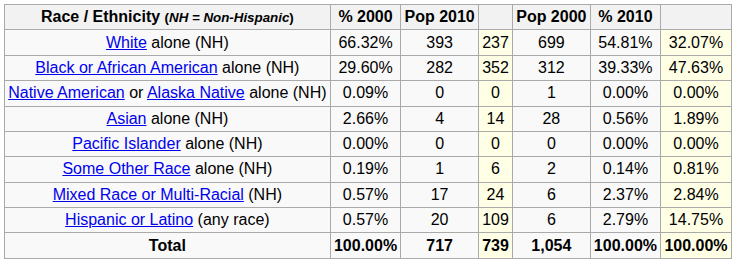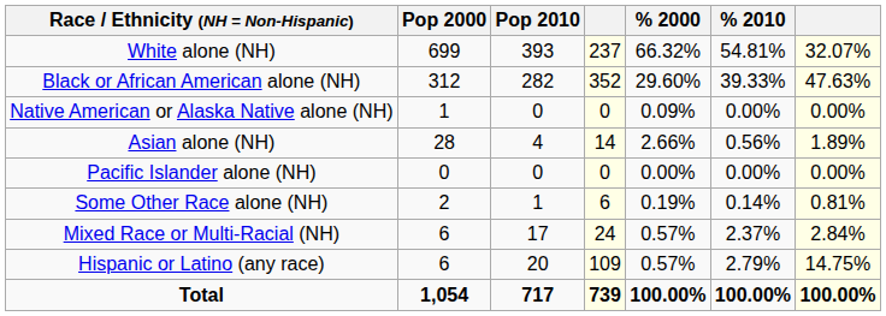 <table class="wikitable" style="text-align:center;">
 <tr>
 <th>Race / Ethnicity <small>(<em>NH = Non-Hispanic</em>)</small></th>
-<th>% 2000</th>
+<th>Pop 2000</th>
 <th>Pop 2010</th>
 <th></th>
-<th>Pop 2000</th>
+<th>% 2000</th>
 <th>% 2010</th>
 <th></th>
 </tr>
 <tr>
 <td><a href='#'>White</a> alone (NH)</td>
-<td>66.32%</td>
+<td>699</td>
 <td>393</td>
 <td style='background: #ffffe6;'>237</td>
-<td>699</td>
+<td>66.32%</td>
 <td>54.81%</td>
 <td style='background: #ffffe6;'>32.07%</td>
 </tr>
 <tr>
 <td><a href='#'>Black or African American</a> alone (NH)</td>
-<td>29.60%</td>
+<td>312</td>
 <td>282</td>
 <td style='background: #ffffe6;'>352</td>
-<td>312</td>
+<td>29.60%</td>
 <td>39.33%</td>
 <td style='background: #ffffe6;'>47.63%</td>
 </tr>
 <tr>
 <td><a href='#'>Native American</a> or <a href='#'>Alaska Native</a> alone (NH)</td>
-<td>0.09%</td>
+<td>1</td>
 <td>0</td>
 <td style='background: #ffffe6;'>0</td>
-<td>1</td>
+<td>0.09%</td>
 <td>0.00%</td>
 <td style='background: #ffffe6;'>0.00%</td>
 </tr>
 <tr>
 <td><a href='#'>Asian</a> alone (NH)</td>
-<td>2.66%</td>
+<td>28</td>
 <td>4</td>
 <td style='background: #ffffe6;'>14</td>
-<td>28</td>
+<td>2.66%</td>
 <td>0.56%</td>
 <td style='background: #ffffe6;'>1.89%</td>
 </tr>
 <tr>
 <td><a href='#'>Pacific Islander</a> alone (NH)</td>
-<td>0.00%</td>
+<td>0</td>
 <td>0</td>
 <td style='background: #ffffe6;'>0</td>
-<td>0</td>
+<td>0.00%</td>
 <td>0.00%</td>
 <td style='background: #ffffe6;'>0.00%</td>
 </tr>
 <tr>
 <td><a href='#'>Some Other Race</a> alone (NH)</td>
-<td>0.19%</td>
+<td>2</td>
 <td>1</td>
 <td style='background: #ffffe6;'>6</td>
-<td>2</td>
+<td>0.19%</td>
 <td>0.14%</td>
 <td style='background: #ffffe6;'>0.81%</td>
 </tr>
 <tr>
 <td><a href='#'>Mixed Race or Multi-Racial</a> (NH)</td>
-<td>0.57%</td>
+<td>6</td>
 <td>17</td>
 <td style='background: #ffffe6;'>24</td>
-<td>6</td>
+<td>0.57%</td>
 <td>2.37%</td>
 <td style='background: #ffffe6;'>2.84%</td>
 </tr>
 <tr>
 <td><a href='#'>Hispanic or Latino</a> (any race)</td>
-<td>0.57%</td>
+<td>6</td>
 <td>20</td>
 <td style='background: #ffffe6;'>109</td>
-<td>6</td>
+<td>0.57%</td>
 <td>2.79%</td>
 <td style='background: #ffffe6;'>14.75%</td>
 </tr>
 <tr>
 <td><strong>Total</strong></td>
-<td><strong>100.00%</strong></td>
+<td><strong>1,054</strong></td>
 <td><strong>717</strong></td>
 <td style='background: #ffffe6;'><strong>739</strong></td>
-<td><strong>1,054</strong></td>
+<td><strong>100.00%</strong></td>
 <td><strong>100.00%</strong></td>
 <td style='background: #ffffe6;'><strong>100.00%</strong></td>
 </tr>
 </table>
